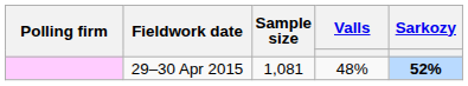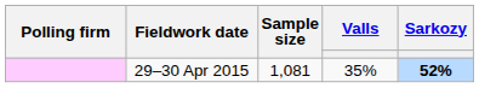 <table class="wikitable sortable" style="text-align:center;font-size:90%;line-height:14px;">
 <tr style="height:40px;">
 <th style="width:100px;" rowspan="2">Polling firm</th>
 <th style="width:110px;" rowspan="2">Fieldwork date</th>
 <th style="width:35px;" rowspan="2">Sample<br>size</th>
 <th class="unsortable" style="width:60px;"><a href='#'>Valls</a><br></th>
 <th class="unsortable" style="width:60px;"><a href='#'>Sarkozy</a><br></th>
 </tr>
 <tr>
 <th style="background:"></th>
 <th style="background:"></th>
 </tr>
 <tr>
 <td style="background:#FFCCFF;"></td>
 <td data-sort-value="2015-04-30">29–30 Apr 2015</td>
 <td>1,081</td>
-<td>48%</td>
+<td>35%</td>
 <td style="background:#B9DAFF;"><strong>52%</strong></td>
 </tr>
 </table>
